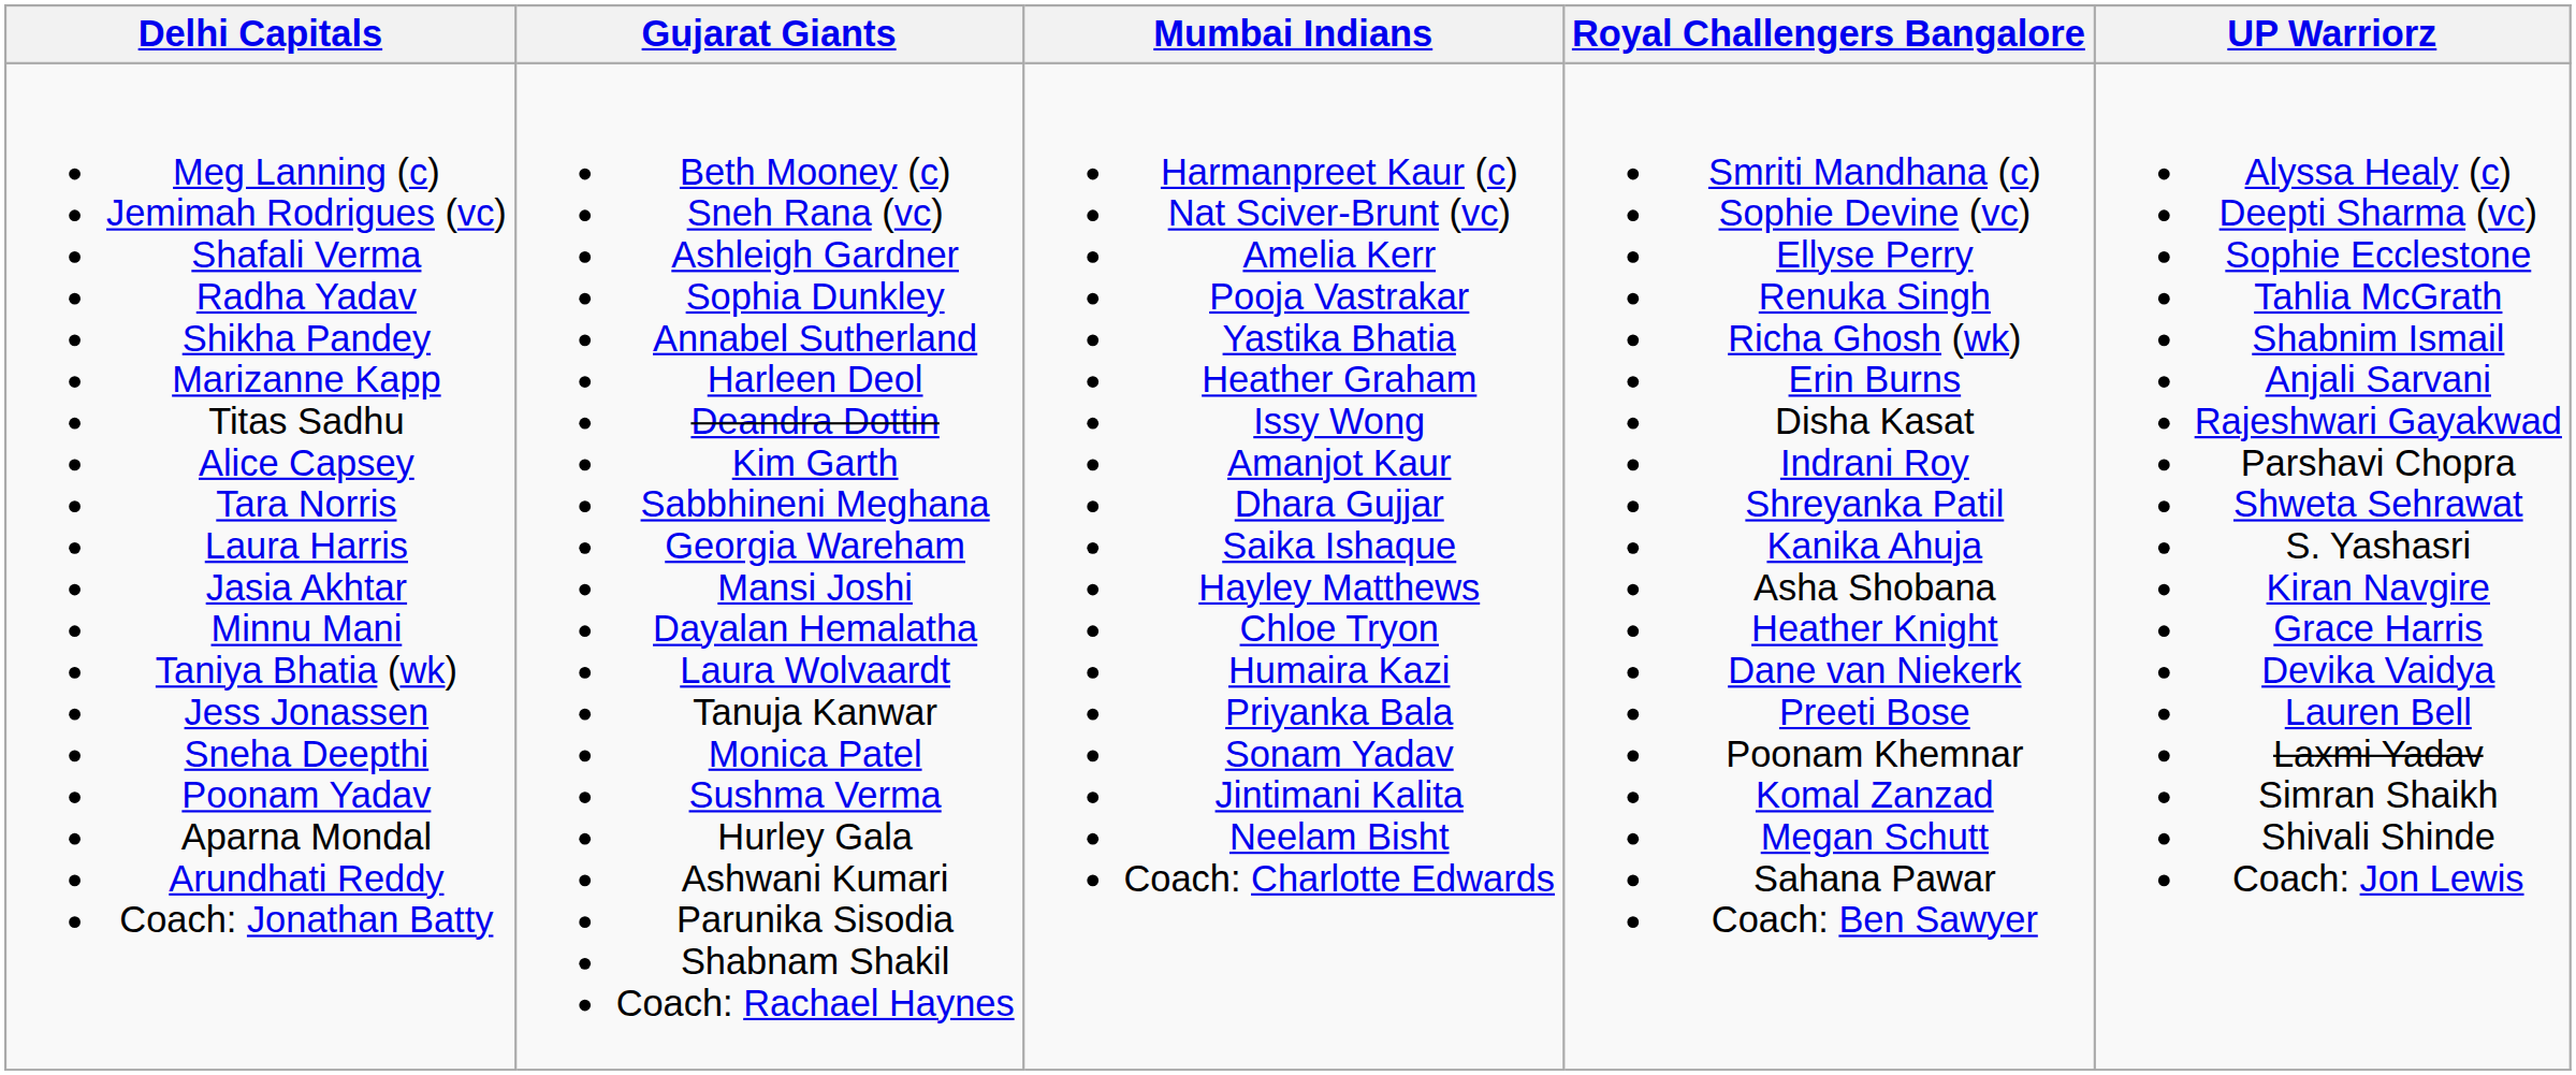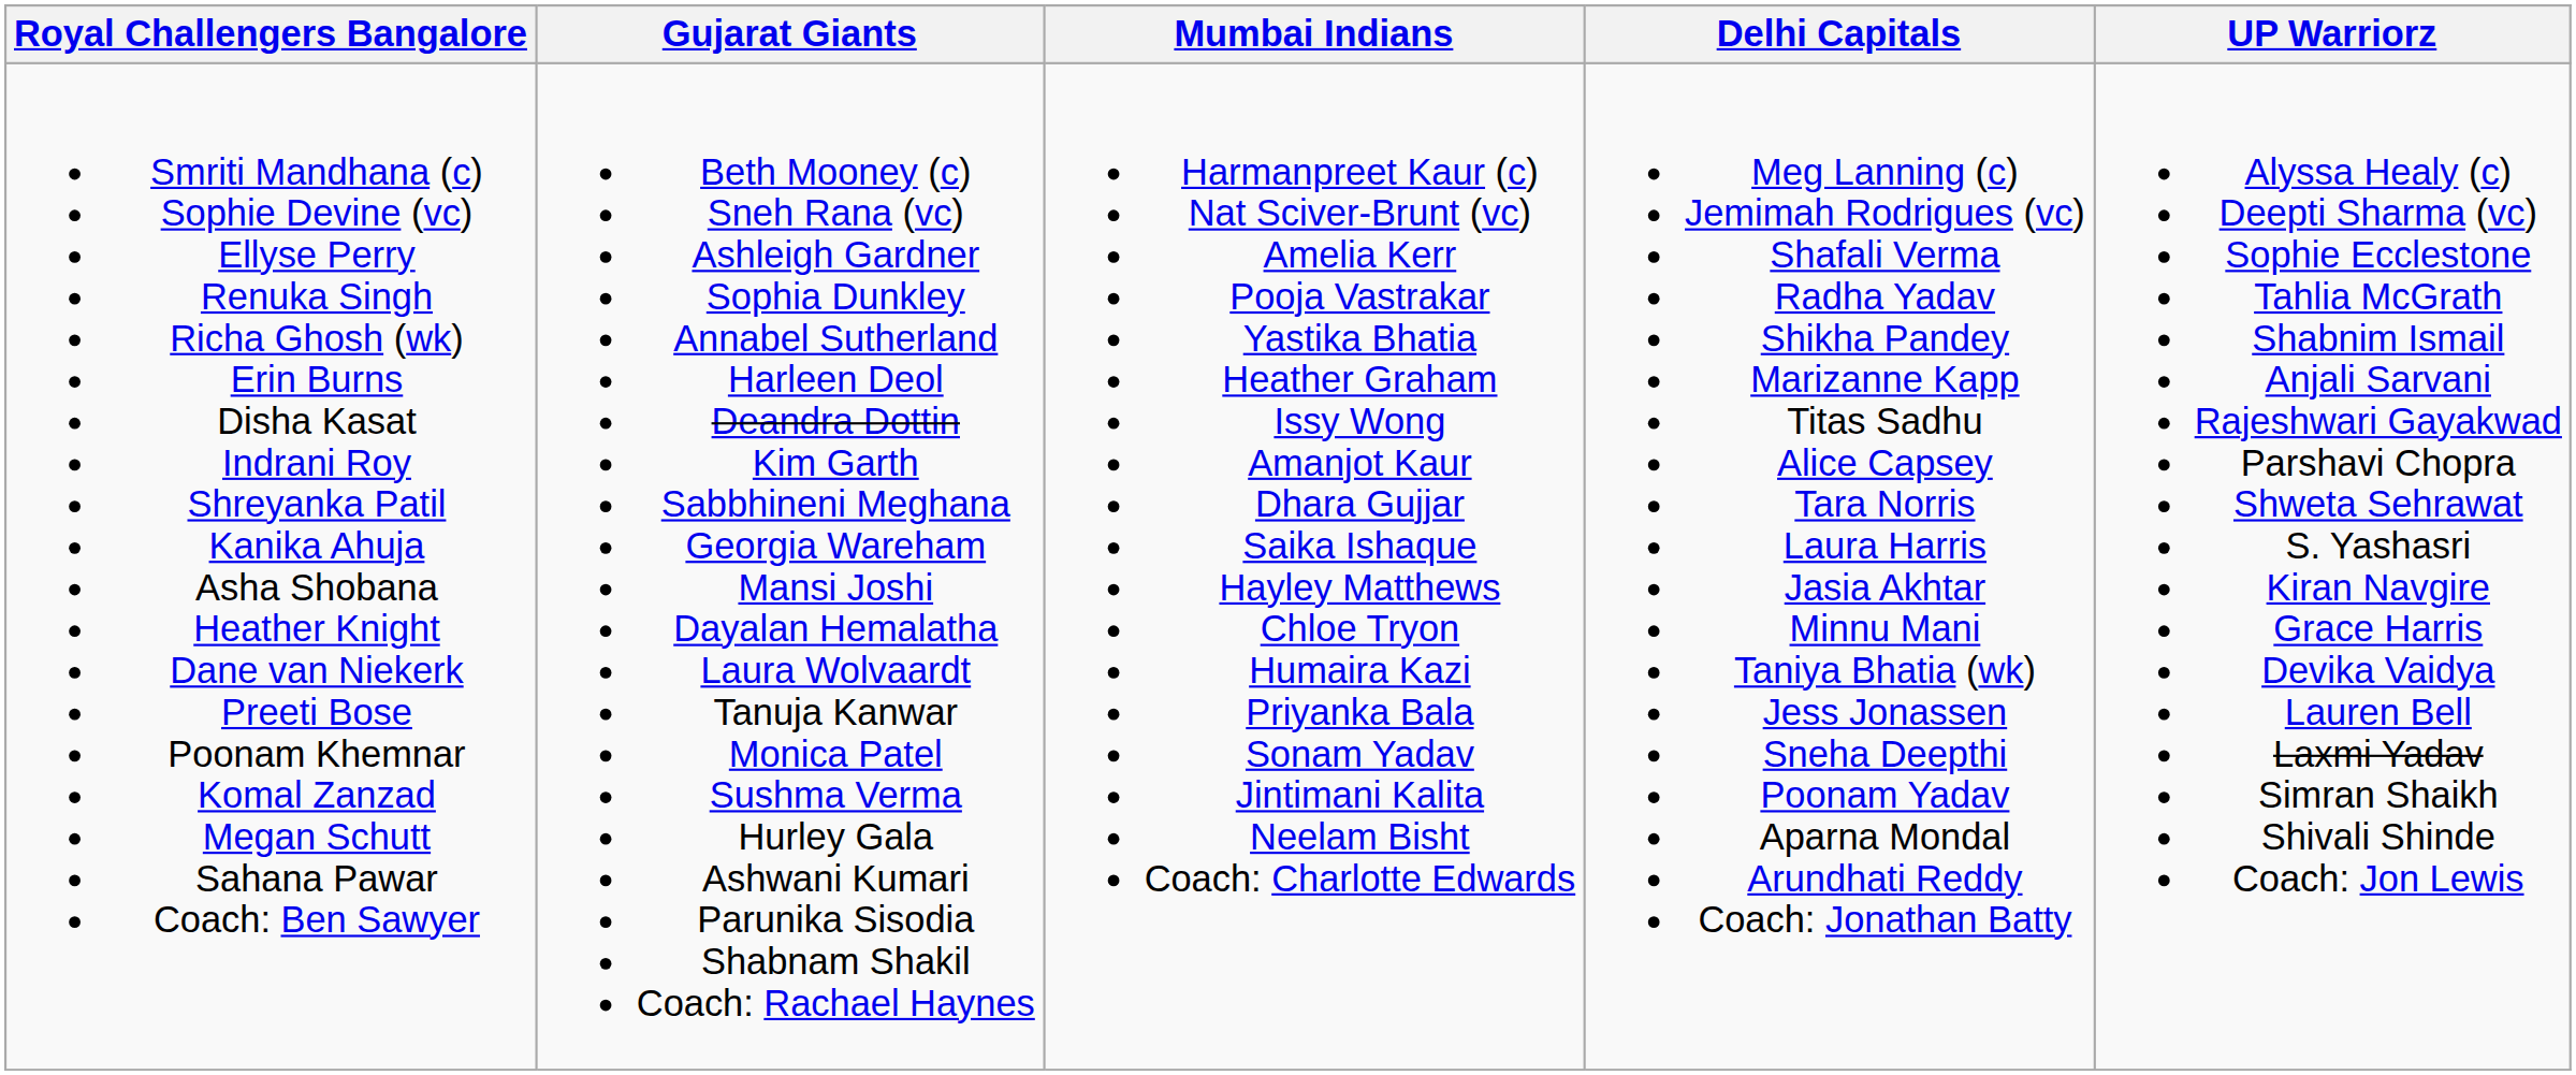 <table class="wikitable"style="text-align:center;">
 <tr>
-<th><a href='#'>Delhi Capitals</a></th>
+<th><a href='#'>Royal Challengers Bangalore</a></th>
 <th><a href='#'>Gujarat Giants</a></th>
 <th><a href='#'>Mumbai Indians</a></th>
-<th><a href='#'>Royal Challengers Bangalore</a></th>
+<th><a href='#'>Delhi Capitals</a></th>
 <th><a href='#'>UP Warriorz</a></th>
 </tr>
 <tr>
-<td valign=top><br><ul><li><a href='#'>Meg Lanning</a> (<a href='#'>c</a>)</li><li><a href='#'>Jemimah Rodrigues</a> (<a href='#'>vc</a>)</li><li><a href='#'>Shafali Verma</a></li><li><a href='#'>Radha Yadav</a></li><li><a href='#'>Shikha Pandey</a></li><li><a href='#'>Marizanne Kapp</a></li><li>Titas Sadhu</li><li><a href='#'>Alice Capsey</a></li><li><a href='#'>Tara Norris</a></li><li><a href='#'>Laura Harris</a></li><li><a href='#'>Jasia Akhtar</a></li><li><a href='#'>Minnu Mani</a></li><li><a href='#'>Taniya Bhatia</a> (<a href='#'>wk</a>)</li><li><a href='#'>Jess Jonassen</a></li><li><a href='#'>Sneha Deepthi</a></li><li><a href='#'>Poonam Yadav</a></li><li>Aparna Mondal</li><li><a href='#'>Arundhati Reddy</a></li><li>Coach: <a href='#'>Jonathan Batty</a></li></ul></td>
+<td valign=top><br><ul><li><a href='#'>Smriti Mandhana</a> (<a href='#'>c</a>)</li><li><a href='#'>Sophie Devine</a> (<a href='#'>vc</a>)</li><li><a href='#'>Ellyse Perry</a></li><li><a href='#'>Renuka Singh</a></li><li><a href='#'>Richa Ghosh</a> (<a href='#'>wk</a>)</li><li><a href='#'>Erin Burns</a></li><li>Disha Kasat</li><li><a href='#'>Indrani Roy</a></li><li><a href='#'>Shreyanka Patil</a></li><li><a href='#'>Kanika Ahuja</a></li><li>Asha Shobana</li><li><a href='#'>Heather Knight</a></li><li><a href='#'>Dane van Niekerk</a></li><li><a href='#'>Preeti Bose</a></li><li>Poonam Khemnar</li><li><a href='#'>Komal Zanzad</a></li><li><a href='#'>Megan Schutt</a></li><li>Sahana Pawar</li><li>Coach: <a href='#'>Ben Sawyer</a></li></ul></td>
 <td valign=top><br><ul><li><a href='#'>Beth Mooney</a> (<a href='#'>c</a>)</li><li><a href='#'>Sneh Rana</a> (<a href='#'>vc</a>)</li><li><a href='#'>Ashleigh Gardner</a></li><li><a href='#'>Sophia Dunkley</a></li><li><a href='#'>Annabel Sutherland</a></li><li><a href='#'>Harleen Deol</a></li><li><s><a href='#'>Deandra Dottin</a></s></li><li><a href='#'>Kim Garth</a></li><li><a href='#'>Sabbhineni Meghana</a></li><li><a href='#'>Georgia Wareham</a></li><li><a href='#'>Mansi Joshi</a></li><li><a href='#'>Dayalan Hemalatha</a></li><li><a href='#'>Laura Wolvaardt</a></li><li>Tanuja Kanwar</li><li><a href='#'>Monica Patel</a></li><li><a href='#'>Sushma Verma</a></li><li>Hurley Gala</li><li>Ashwani Kumari</li><li>Parunika Sisodia</li><li>Shabnam Shakil</li><li>Coach: <a href='#'>Rachael Haynes</a></li></ul></td>
 <td valign=top><br><ul><li><a href='#'>Harmanpreet Kaur</a> (<a href='#'>c</a>)</li><li><a href='#'>Nat Sciver-Brunt</a> (<a href='#'>vc</a>)</li><li><a href='#'>Amelia Kerr</a></li><li><a href='#'>Pooja Vastrakar</a></li><li><a href='#'>Yastika Bhatia</a></li><li><a href='#'>Heather Graham</a></li><li><a href='#'>Issy Wong</a></li><li><a href='#'>Amanjot Kaur</a></li><li><a href='#'>Dhara Gujjar</a></li><li><a href='#'>Saika Ishaque</a></li><li><a href='#'>Hayley Matthews</a></li><li><a href='#'>Chloe Tryon</a></li><li><a href='#'>Humaira Kazi</a></li><li><a href='#'>Priyanka Bala</a></li><li><a href='#'>Sonam Yadav</a></li><li><a href='#'>Jintimani Kalita</a></li><li><a href='#'>Neelam Bisht</a></li><li>Coach: <a href='#'>Charlotte Edwards</a></li></ul></td>
-<td valign=top><br><ul><li><a href='#'>Smriti Mandhana</a> (<a href='#'>c</a>)</li><li><a href='#'>Sophie Devine</a> (<a href='#'>vc</a>)</li><li><a href='#'>Ellyse Perry</a></li><li><a href='#'>Renuka Singh</a></li><li><a href='#'>Richa Ghosh</a> (<a href='#'>wk</a>)</li><li><a href='#'>Erin Burns</a></li><li>Disha Kasat</li><li><a href='#'>Indrani Roy</a></li><li><a href='#'>Shreyanka Patil</a></li><li><a href='#'>Kanika Ahuja</a></li><li>Asha Shobana</li><li><a href='#'>Heather Knight</a></li><li><a href='#'>Dane van Niekerk</a></li><li><a href='#'>Preeti Bose</a></li><li>Poonam Khemnar</li><li><a href='#'>Komal Zanzad</a></li><li><a href='#'>Megan Schutt</a></li><li>Sahana Pawar</li><li>Coach: <a href='#'>Ben Sawyer</a></li></ul></td>
+<td valign=top><br><ul><li><a href='#'>Meg Lanning</a> (<a href='#'>c</a>)</li><li><a href='#'>Jemimah Rodrigues</a> (<a href='#'>vc</a>)</li><li><a href='#'>Shafali Verma</a></li><li><a href='#'>Radha Yadav</a></li><li><a href='#'>Shikha Pandey</a></li><li><a href='#'>Marizanne Kapp</a></li><li>Titas Sadhu</li><li><a href='#'>Alice Capsey</a></li><li><a href='#'>Tara Norris</a></li><li><a href='#'>Laura Harris</a></li><li><a href='#'>Jasia Akhtar</a></li><li><a href='#'>Minnu Mani</a></li><li><a href='#'>Taniya Bhatia</a> (<a href='#'>wk</a>)</li><li><a href='#'>Jess Jonassen</a></li><li><a href='#'>Sneha Deepthi</a></li><li><a href='#'>Poonam Yadav</a></li><li>Aparna Mondal</li><li><a href='#'>Arundhati Reddy</a></li><li>Coach: <a href='#'>Jonathan Batty</a></li></ul></td>
 <td valign=top><br><ul><li><a href='#'>Alyssa Healy</a> (<a href='#'>c</a>)</li><li><a href='#'>Deepti Sharma</a> (<a href='#'>vc</a>)</li><li><a href='#'>Sophie Ecclestone</a></li><li><a href='#'>Tahlia McGrath</a></li><li><a href='#'>Shabnim Ismail</a></li><li><a href='#'>Anjali Sarvani</a></li><li><a href='#'>Rajeshwari Gayakwad</a></li><li>Parshavi Chopra</li><li><a href='#'>Shweta Sehrawat</a></li><li>S. Yashasri</li><li><a href='#'>Kiran Navgire</a></li><li><a href='#'>Grace Harris</a></li><li><a href='#'>Devika Vaidya</a></li><li><a href='#'>Lauren Bell</a></li><li><s>Laxmi Yadav</s></li><li>Simran Shaikh</li><li>Shivali Shinde</li><li>Coach: <a href='#'>Jon Lewis</a></li></ul></td>
 </tr>
 </table>
